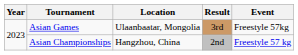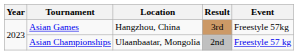 <table class="wikitable" style="font-size:95%;">
 <tr>
 <th>Year</th>
 <th>Tournament</th>
 <th>Location</th>
 <th>Result</th>
 <th>Event</th>
 </tr>
 <tr>
 <td rowspan="2">2023</td>
 <td><a href='#'>Asian Games</a></td>
-<td>Ulaanbaatar, Mongolia</td>
+<td>Hangzhou, China</td>
 <td align="center" bgcolor="cc9966">3rd</td>
 <td>Freestyle 57kg</td>
 </tr>
 <tr>
 <td><a href='#'>Asian Championships</a></td>
-<td>Hangzhou, China</td>
+<td>Ulaanbaatar, Mongolia</td>
 <td align="center" bgcolor="silver">2nd</td>
 <td><a href='#'>Freestyle 57 kg</a></td>
 </tr>
 </table>
